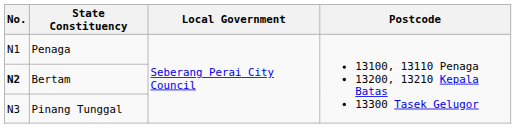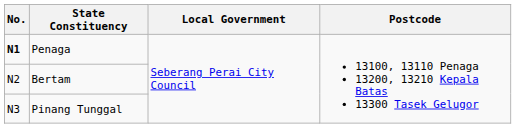 <table class="wikitable">
 <tr>
 <th>No.</th>
 <th>State Constituency</th>
 <th>Local Government</th>
 <th>Postcode</th>
 </tr>
 <tr>
-<td>N1</td>
+<td><strong>N1</strong></td>
 <td>Penaga</td>
 <td rowspan="3"><a href='#'>Seberang Perai City Council</a></td>
 <td rowspan="3"><br><ul><li>13100, 13110 Penaga</li><li>13200, 13210 <a href='#'>Kepala Batas</a></li><li>13300 <a href='#'>Tasek Gelugor</a></li></ul></td>
 </tr>
 <tr>
-<td><strong>N2</strong></td>
+<td>N2</td>
 <td>Bertam</td>
 </tr>
 <tr>
 <td>N3</td>
 <td>Pinang Tunggal</td>
 </tr>
 </table>
